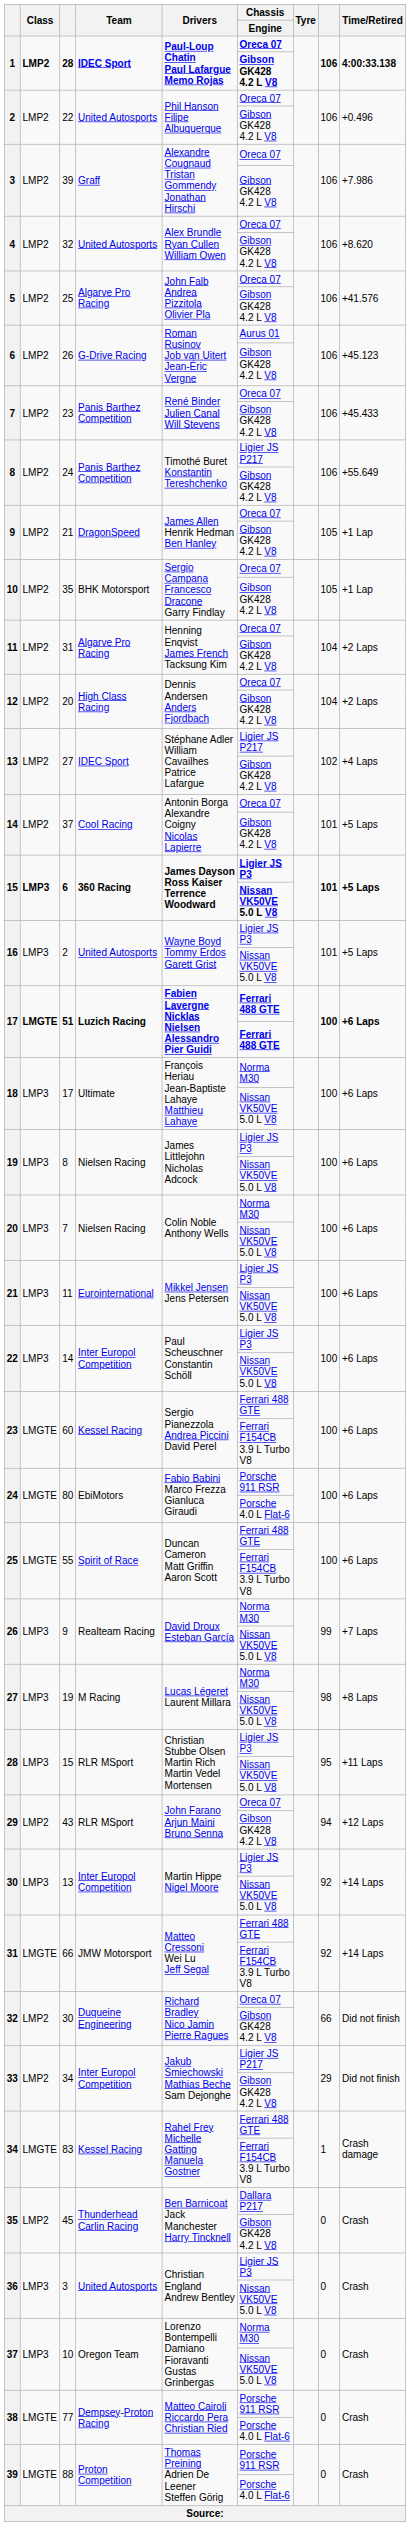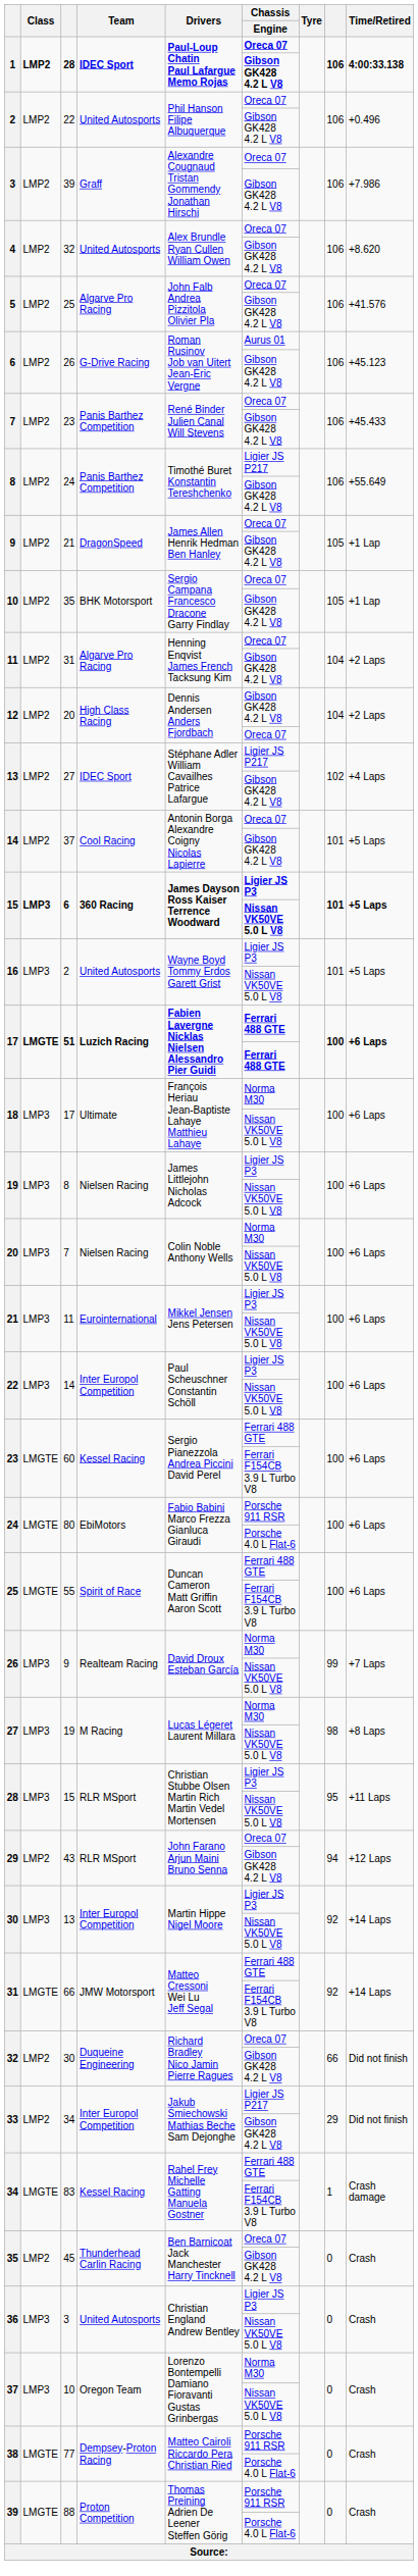 <table class="wikitable" style="font-size:95%;">
 <tr>
 <th rowspan=2></th>
 <th rowspan=2>Class</th>
 <th rowspan=2></th>
 <th rowspan=2>Team</th>
 <th rowspan=2>Drivers</th>
 <th>Chassis</th>
 <th rowspan=2>Tyre</th>
 <th rowspan=2></th>
 <th rowspan=2>Time/Retired</th>
 </tr>
 <tr>
 <th>Engine</th>
 </tr>
 <tr>
 <th rowspan=2>1</th>
 <td rowspan=2><strong>LMP2</strong></td>
 <td rowspan=2><strong>28</strong></td>
 <td rowspan=2><strong> <a href='#'>IDEC Sport</a></strong></td>
 <td rowspan=2><strong> <a href='#'>Paul-Loup Chatin</a><br> <a href='#'>Paul Lafargue</a><br> <a href='#'>Memo Rojas</a></strong></td>
 <td><strong><a href='#'>Oreca 07</a></strong></td>
 <td rowspan=2></td>
 <td rowspan=2><strong>106</strong></td>
 <td rowspan=2><strong>4:00:33.138</strong></td>
 </tr>
 <tr>
 <td><strong><a href='#'>Gibson</a> GK428 4.2 L <a href='#'>V8</a></strong></td>
 </tr>
 <tr>
 <th rowspan=2>2</th>
 <td rowspan=2>LMP2</td>
 <td rowspan=2>22</td>
 <td rowspan=2> <a href='#'>United Autosports</a></td>
 <td rowspan=2> <a href='#'>Phil Hanson</a><br> <a href='#'>Filipe Albuquerque</a></td>
 <td><a href='#'>Oreca 07</a></td>
 <td rowspan=2></td>
 <td rowspan=2>106</td>
 <td rowspan=2>+0.496</td>
 </tr>
 <tr>
 <td><a href='#'>Gibson</a> GK428 4.2 L <a href='#'>V8</a></td>
 </tr>
 <tr>
 <th rowspan=2>3</th>
 <td rowspan=2>LMP2</td>
 <td rowspan=2>39</td>
 <td rowspan=2> <a href='#'>Graff</a></td>
 <td rowspan=2> <a href='#'>Alexandre Cougnaud</a><br> <a href='#'>Tristan Gommendy</a><br> <a href='#'>Jonathan Hirschi</a></td>
 <td><a href='#'>Oreca 07</a></td>
 <td rowspan=2></td>
 <td rowspan=2>106</td>
 <td rowspan=2>+7.986</td>
 </tr>
 <tr>
 <td><a href='#'>Gibson</a> GK428 4.2 L <a href='#'>V8</a></td>
 </tr>
 <tr>
 <th rowspan=2>4</th>
 <td rowspan=2>LMP2</td>
 <td rowspan=2>32</td>
 <td rowspan=2> <a href='#'>United Autosports</a></td>
 <td rowspan=2> <a href='#'>Alex Brundle</a><br> <a href='#'>Ryan Cullen</a><br> <a href='#'>William Owen</a></td>
 <td><a href='#'>Oreca 07</a></td>
 <td rowspan=2></td>
 <td rowspan=2>106</td>
 <td rowspan=2>+8.620</td>
 </tr>
 <tr>
 <td><a href='#'>Gibson</a> GK428 4.2 L <a href='#'>V8</a></td>
 </tr>
 <tr>
 <th rowspan=2>5</th>
 <td rowspan=2>LMP2</td>
 <td rowspan=2>25</td>
 <td rowspan=2> <a href='#'>Algarve Pro Racing</a></td>
 <td rowspan=2> <a href='#'>John Falb</a><br> <a href='#'>Andrea Pizzitola</a><br> <a href='#'>Olivier Pla</a></td>
 <td><a href='#'>Oreca 07</a></td>
 <td rowspan=2></td>
 <td rowspan=2>106</td>
 <td rowspan=2>+41.576</td>
 </tr>
 <tr>
 <td><a href='#'>Gibson</a> GK428 4.2 L <a href='#'>V8</a></td>
 </tr>
 <tr>
 <th rowspan=2>6</th>
 <td rowspan=2>LMP2</td>
 <td rowspan=2>26</td>
 <td rowspan=2> <a href='#'>G-Drive Racing</a></td>
 <td rowspan=2> <a href='#'>Roman Rusinov</a><br> <a href='#'>Job van Uitert</a><br> <a href='#'>Jean-Éric Vergne</a></td>
 <td><a href='#'>Aurus 01</a></td>
 <td rowspan=2></td>
 <td rowspan=2>106</td>
 <td rowspan=2>+45.123</td>
 </tr>
 <tr>
 <td><a href='#'>Gibson</a> GK428 4.2 L <a href='#'>V8</a></td>
 </tr>
 <tr>
 <th rowspan=2>7</th>
 <td rowspan=2>LMP2</td>
 <td rowspan=2>23</td>
 <td rowspan=2> <a href='#'>Panis Barthez Competition</a></td>
 <td rowspan=2> <a href='#'>René Binder</a><br> <a href='#'>Julien Canal</a><br> <a href='#'>Will Stevens</a></td>
 <td><a href='#'>Oreca 07</a></td>
 <td rowspan=2></td>
 <td rowspan=2>106</td>
 <td rowspan=2>+45.433</td>
 </tr>
 <tr>
 <td><a href='#'>Gibson</a> GK428 4.2 L <a href='#'>V8</a></td>
 </tr>
 <tr>
 <th rowspan=2>8</th>
 <td rowspan=2>LMP2</td>
 <td rowspan=2>24</td>
 <td rowspan=2> <a href='#'>Panis Barthez Competition</a></td>
 <td rowspan=2> Timothé Buret<br> <a href='#'>Konstantin Tereshchenko</a></td>
 <td><a href='#'>Ligier JS P217</a></td>
 <td rowspan=2></td>
 <td rowspan=2>106</td>
 <td rowspan=2>+55.649</td>
 </tr>
 <tr>
 <td><a href='#'>Gibson</a> GK428 4.2 L <a href='#'>V8</a></td>
 </tr>
 <tr>
 <th rowspan=2>9</th>
 <td rowspan=2>LMP2</td>
 <td rowspan=2>21</td>
 <td rowspan=2> <a href='#'>DragonSpeed</a></td>
 <td rowspan=2> <a href='#'>James Allen</a><br> Henrik Hedman<br> <a href='#'>Ben Hanley</a></td>
 <td><a href='#'>Oreca 07</a></td>
 <td rowspan=2></td>
 <td rowspan=2>105</td>
 <td rowspan=2>+1 Lap</td>
 </tr>
 <tr>
 <td><a href='#'>Gibson</a> GK428 4.2 L <a href='#'>V8</a></td>
 </tr>
 <tr>
 <th rowspan=2>10</th>
 <td rowspan=2>LMP2</td>
 <td rowspan=2>35</td>
 <td rowspan=2> BHK Motorsport</td>
 <td rowspan=2> <a href='#'>Sergio Campana</a><br> <a href='#'>Francesco Dracone</a><br> Garry Findlay</td>
 <td><a href='#'>Oreca 07</a></td>
 <td rowspan=2></td>
 <td rowspan=2>105</td>
 <td rowspan=2>+1 Lap</td>
 </tr>
 <tr>
 <td><a href='#'>Gibson</a> GK428 4.2 L <a href='#'>V8</a></td>
 </tr>
 <tr>
 <th rowspan=2>11</th>
 <td rowspan=2>LMP2</td>
 <td rowspan=2>31</td>
 <td rowspan=2> <a href='#'>Algarve Pro Racing</a></td>
 <td rowspan=2> Henning Enqvist<br> <a href='#'>James French</a><br> Tacksung Kim</td>
 <td><a href='#'>Oreca 07</a></td>
 <td rowspan=2></td>
 <td rowspan=2>104</td>
 <td rowspan=2>+2 Laps</td>
 </tr>
 <tr>
 <td><a href='#'>Gibson</a> GK428 4.2 L <a href='#'>V8</a></td>
 </tr>
 <tr>
 <th rowspan=2>12</th>
 <td rowspan=2>LMP2</td>
 <td rowspan=2>20</td>
 <td rowspan=2> <a href='#'>High Class Racing</a></td>
 <td rowspan=2> Dennis Andersen<br> <a href='#'>Anders Fjordbach</a></td>
-<td><a href='#'>Oreca 07</a></td>
+<td><a href='#'>Gibson</a> GK428 4.2 L <a href='#'>V8</a></td>
 <td rowspan=2></td>
 <td rowspan=2>104</td>
 <td rowspan=2>+2 Laps</td>
 </tr>
 <tr>
-<td><a href='#'>Gibson</a> GK428 4.2 L <a href='#'>V8</a></td>
+<td><a href='#'>Oreca 07</a></td>
 </tr>
 <tr>
 <th rowspan=2>13</th>
 <td rowspan=2>LMP2</td>
 <td rowspan=2>27</td>
 <td rowspan=2> <a href='#'>IDEC Sport</a></td>
 <td rowspan=2> Stéphane Adler<br> William Cavailhes<br> Patrice Lafargue</td>
 <td><a href='#'>Ligier JS P217</a></td>
 <td rowspan=2></td>
 <td rowspan=2>102</td>
 <td rowspan=2>+4 Laps</td>
 </tr>
 <tr>
 <td><a href='#'>Gibson</a> GK428 4.2 L <a href='#'>V8</a></td>
 </tr>
 <tr>
 <th rowspan=2>14</th>
 <td rowspan=2>LMP2</td>
 <td rowspan=2>37</td>
 <td rowspan=2> <a href='#'>Cool Racing</a></td>
 <td rowspan=2> Antonin Borga<br> Alexandre Coigny<br> <a href='#'>Nicolas Lapierre</a></td>
 <td><a href='#'>Oreca 07</a></td>
 <td rowspan=2></td>
 <td rowspan=2>101</td>
 <td rowspan=2>+5 Laps</td>
 </tr>
 <tr>
 <td><a href='#'>Gibson</a> GK428 4.2 L <a href='#'>V8</a></td>
 </tr>
 <tr>
 <th rowspan=2>15</th>
 <td rowspan=2><strong>LMP3</strong></td>
 <td rowspan=2><strong>6</strong></td>
 <td rowspan=2><strong> 360 Racing</strong></td>
 <td rowspan=2><strong> James Dayson<br> Ross Kaiser<br> Terrence Woodward</strong></td>
 <td><strong><a href='#'>Ligier JS P3</a></strong></td>
 <td rowspan=2></td>
 <td rowspan=2><strong>101</strong></td>
 <td rowspan=2><strong>+5 Laps</strong></td>
 </tr>
 <tr>
 <td><strong><a href='#'>Nissan</a> <a href='#'>VK50VE</a> 5.0 L <a href='#'>V8</a></strong></td>
 </tr>
 <tr>
 <th rowspan=2>16</th>
 <td rowspan=2>LMP3</td>
 <td rowspan=2>2</td>
 <td rowspan=2> <a href='#'>United Autosports</a></td>
 <td rowspan=2> <a href='#'>Wayne Boyd</a><br> <a href='#'>Tommy Erdos</a><br> <a href='#'>Garett Grist</a></td>
 <td><a href='#'>Ligier JS P3</a></td>
 <td rowspan=2></td>
 <td rowspan=2>101</td>
 <td rowspan=2>+5 Laps</td>
 </tr>
 <tr>
 <td><a href='#'>Nissan</a> <a href='#'>VK50VE</a> 5.0 L <a href='#'>V8</a></td>
 </tr>
 <tr>
 <th rowspan=2>17</th>
 <td rowspan=2><strong>LMGTE</strong></td>
 <td rowspan=2><strong>51</strong></td>
 <td rowspan=2><strong> Luzich Racing</strong></td>
 <td rowspan=2><strong> <a href='#'>Fabien Lavergne</a><br> <a href='#'>Nicklas Nielsen</a><br> <a href='#'>Alessandro Pier Guidi</a></strong></td>
 <td><strong><a href='#'>Ferrari 488 GTE</a></strong></td>
 <td rowspan=2></td>
 <td rowspan=2><strong>100</strong></td>
 <td rowspan=2><strong>+6 Laps</strong></td>
 </tr>
 <tr>
 <td><strong><a href='#'>Ferrari 488 GTE</a></strong></td>
 </tr>
 <tr>
 <th rowspan=2>18</th>
 <td rowspan=2>LMP3</td>
 <td rowspan=2>17</td>
 <td rowspan=2> Ultimate</td>
 <td rowspan=2> François Heriau<br> Jean-Baptiste Lahaye<br> <a href='#'>Matthieu Lahaye</a></td>
 <td><a href='#'>Norma M30</a></td>
 <td rowspan=2></td>
 <td rowspan=2>100</td>
 <td rowspan=2>+6 Laps</td>
 </tr>
 <tr>
 <td><a href='#'>Nissan</a> <a href='#'>VK50VE</a> 5.0 L <a href='#'>V8</a></td>
 </tr>
 <tr>
 <th rowspan=2>19</th>
 <td rowspan=2>LMP3</td>
 <td rowspan=2>8</td>
 <td rowspan=2> Nielsen Racing</td>
 <td rowspan=2> James Littlejohn<br> Nicholas Adcock</td>
 <td><a href='#'>Ligier JS P3</a></td>
 <td rowspan=2></td>
 <td rowspan=2>100</td>
 <td rowspan=2>+6 Laps</td>
 </tr>
 <tr>
 <td><a href='#'>Nissan</a> <a href='#'>VK50VE</a> 5.0 L <a href='#'>V8</a></td>
 </tr>
 <tr>
 <th rowspan=2>20</th>
 <td rowspan=2>LMP3</td>
 <td rowspan=2>7</td>
 <td rowspan=2> Nielsen Racing</td>
 <td rowspan=2> Colin Noble<br> Anthony Wells</td>
 <td><a href='#'>Norma M30</a></td>
 <td rowspan=2></td>
 <td rowspan=2>100</td>
 <td rowspan=2>+6 Laps</td>
 </tr>
 <tr>
 <td><a href='#'>Nissan</a> <a href='#'>VK50VE</a> 5.0 L <a href='#'>V8</a></td>
 </tr>
 <tr>
 <th rowspan=2>21</th>
 <td rowspan=2>LMP3</td>
 <td rowspan=2>11</td>
 <td rowspan=2> <a href='#'>Eurointernational</a></td>
 <td rowspan=2 nowrap> <a href='#'>Mikkel Jensen</a><br> Jens Petersen</td>
 <td><a href='#'>Ligier JS P3</a></td>
 <td rowspan=2></td>
 <td rowspan=2>100</td>
 <td rowspan=2>+6 Laps</td>
 </tr>
 <tr>
 <td><a href='#'>Nissan</a> <a href='#'>VK50VE</a> 5.0 L <a href='#'>V8</a></td>
 </tr>
 <tr>
 <th rowspan=2>22</th>
 <td rowspan=2>LMP3</td>
 <td rowspan=2>14</td>
 <td rowspan=2> <a href='#'>Inter Europol Competition</a></td>
 <td rowspan=2> Paul Scheuschner<br> Constantin Schöll</td>
 <td><a href='#'>Ligier JS P3</a></td>
 <td rowspan=2></td>
 <td rowspan=2>100</td>
 <td rowspan=2>+6 Laps</td>
 </tr>
 <tr>
 <td><a href='#'>Nissan</a> <a href='#'>VK50VE</a> 5.0 L <a href='#'>V8</a></td>
 </tr>
 <tr>
 <th rowspan=2>23</th>
 <td rowspan=2>LMGTE</td>
 <td rowspan=2>60</td>
 <td rowspan=2> <a href='#'>Kessel Racing</a></td>
 <td rowspan=2> Sergio Pianezzola<br> <a href='#'>Andrea Piccini</a><br> David Perel</td>
 <td><a href='#'>Ferrari 488 GTE</a></td>
 <td rowspan=2></td>
 <td rowspan=2>100</td>
 <td rowspan=2>+6 Laps</td>
 </tr>
 <tr>
 <td><a href='#'>Ferrari F154CB</a> 3.9 L Turbo V8</td>
 </tr>
 <tr>
 <th rowspan=2>24</th>
 <td rowspan=2>LMGTE</td>
 <td rowspan=2>80</td>
 <td rowspan=2> EbiMotors</td>
 <td rowspan=2> <a href='#'>Fabio Babini</a><br> Marco Frezza<br> Gianluca Giraudi</td>
 <td><a href='#'>Porsche 911 RSR</a></td>
 <td rowspan=2></td>
 <td rowspan=2>100</td>
 <td rowspan=2>+6 Laps</td>
 </tr>
 <tr>
 <td><a href='#'>Porsche</a> 4.0 L <a href='#'>Flat-6</a></td>
 </tr>
 <tr>
 <th rowspan=2>25</th>
 <td rowspan=2>LMGTE</td>
 <td rowspan=2>55</td>
 <td rowspan=2> <a href='#'>Spirit of Race</a></td>
 <td rowspan=2> Duncan Cameron<br> Matt Griffin<br> Aaron Scott</td>
 <td><a href='#'>Ferrari 488 GTE</a></td>
 <td rowspan=2></td>
 <td rowspan=2>100</td>
 <td rowspan=2>+6 Laps</td>
 </tr>
 <tr>
 <td><a href='#'>Ferrari F154CB</a> 3.9 L Turbo V8</td>
 </tr>
 <tr>
 <th rowspan=2>26</th>
 <td rowspan=2>LMP3</td>
 <td rowspan=2>9</td>
 <td rowspan=2> Realteam Racing</td>
 <td rowspan=2> <a href='#'>David Droux</a><br> <a href='#'>Esteban García</a></td>
 <td><a href='#'>Norma M30</a></td>
 <td rowspan=2></td>
 <td rowspan=2>99</td>
 <td rowspan=2>+7 Laps</td>
 </tr>
 <tr>
 <td><a href='#'>Nissan</a> <a href='#'>VK50VE</a> 5.0 L <a href='#'>V8</a></td>
 </tr>
 <tr>
 <th rowspan=2>27</th>
 <td rowspan=2>LMP3</td>
 <td rowspan=2>19</td>
 <td rowspan=2> M Racing</td>
 <td rowspan=2> <a href='#'>Lucas Légeret</a><br> Laurent Millara</td>
 <td><a href='#'>Norma M30</a></td>
 <td rowspan=2></td>
 <td rowspan=2>98</td>
 <td rowspan=2>+8 Laps</td>
 </tr>
 <tr>
 <td><a href='#'>Nissan</a> <a href='#'>VK50VE</a> 5.0 L <a href='#'>V8</a></td>
 </tr>
 <tr>
 <th rowspan=2>28</th>
 <td rowspan=2>LMP3</td>
 <td rowspan=2>15</td>
 <td rowspan=2> RLR MSport</td>
 <td rowspan=2> Christian Stubbe Olsen<br> Martin Rich<br> Martin Vedel Mortensen</td>
 <td><a href='#'>Ligier JS P3</a></td>
 <td rowspan=2></td>
 <td rowspan=2>95</td>
 <td rowspan=2>+11 Laps</td>
 </tr>
 <tr>
 <td><a href='#'>Nissan</a> <a href='#'>VK50VE</a> 5.0 L <a href='#'>V8</a></td>
 </tr>
 <tr>
 <th rowspan=2>29</th>
 <td rowspan=2>LMP2</td>
 <td rowspan=2>43</td>
 <td rowspan=2> RLR MSport</td>
 <td rowspan=2> <a href='#'>John Farano</a><br> <a href='#'>Arjun Maini</a><br> <a href='#'>Bruno Senna</a></td>
 <td><a href='#'>Oreca 07</a></td>
 <td rowspan=2></td>
 <td rowspan=2>94</td>
 <td rowspan=2>+12 Laps</td>
 </tr>
 <tr>
 <td><a href='#'>Gibson</a> GK428 4.2 L <a href='#'>V8</a></td>
 </tr>
 <tr>
 <th rowspan=2>30</th>
 <td rowspan=2>LMP3</td>
 <td rowspan=2>13</td>
 <td rowspan=2> <a href='#'>Inter Europol Competition</a></td>
 <td rowspan=2> Martin Hippe<br> <a href='#'>Nigel Moore</a></td>
 <td><a href='#'>Ligier JS P3</a></td>
 <td rowspan=2></td>
 <td rowspan=2>92</td>
 <td rowspan=2>+14 Laps</td>
 </tr>
 <tr>
 <td><a href='#'>Nissan</a> <a href='#'>VK50VE</a> 5.0 L <a href='#'>V8</a></td>
 </tr>
 <tr>
 <th rowspan="2">31</th>
 <td rowspan="2">LMGTE</td>
 <td rowspan="2">66</td>
 <td rowspan="2"> JMW Motorsport</td>
 <td rowspan="2"> <a href='#'>Matteo Cressoni</a><br> Wei Lu<br> <a href='#'>Jeff Segal</a></td>
 <td><a href='#'>Ferrari 488 GTE</a></td>
 <td rowspan="2"></td>
 <td rowspan="2">92</td>
 <td rowspan="2">+14 Laps</td>
 </tr>
 <tr>
 <td><a href='#'>Ferrari F154CB</a> 3.9 L Turbo V8</td>
 </tr>
 <tr>
 <th rowspan="2">32</th>
 <td rowspan="2">LMP2</td>
 <td rowspan="2">30</td>
 <td rowspan="2"> <a href='#'>Duqueine Engineering</a></td>
 <td rowspan="2"> <a href='#'>Richard Bradley</a><br> <a href='#'>Nico Jamin</a><br> <a href='#'>Pierre Ragues</a></td>
 <td><a href='#'>Oreca 07</a></td>
 <td rowspan="2"></td>
 <td rowspan="2">66</td>
 <td rowspan="2">Did not finish</td>
 </tr>
 <tr>
 <td><a href='#'>Gibson</a> GK428 4.2 L <a href='#'>V8</a></td>
 </tr>
 <tr>
 <th rowspan="2">33</th>
 <td rowspan="2">LMP2</td>
 <td rowspan="2">34</td>
 <td rowspan="2"> <a href='#'>Inter Europol Competition</a></td>
 <td rowspan="2"> <a href='#'>Jakub Śmiechowski</a><br> <a href='#'>Mathias Beche</a><br> Sam Dejonghe</td>
 <td><a href='#'>Ligier JS P217</a></td>
 <td rowspan="2"></td>
 <td rowspan="2">29</td>
 <td rowspan="2">Did not finish</td>
 </tr>
 <tr>
 <td><a href='#'>Gibson</a> GK428 4.2 L <a href='#'>V8</a></td>
 </tr>
 <tr>
 <th rowspan="2">34</th>
 <td rowspan="2">LMGTE</td>
 <td rowspan="2">83</td>
 <td rowspan="2"> <a href='#'>Kessel Racing</a></td>
 <td rowspan="2"> <a href='#'>Rahel Frey</a><br> <a href='#'>Michelle Gatting</a><br> <a href='#'>Manuela Gostner</a></td>
 <td><a href='#'>Ferrari 488 GTE</a></td>
 <td rowspan="2"></td>
 <td rowspan="2">1</td>
 <td rowspan="2">Crash damage</td>
 </tr>
 <tr>
 <td><a href='#'>Ferrari F154CB</a> 3.9 L Turbo V8</td>
 </tr>
 <tr>
 <th rowspan="2">35</th>
 <td rowspan="2">LMP2</td>
 <td rowspan="2">45</td>
 <td rowspan="2"> <a href='#'>Thunderhead Carlin Racing</a></td>
 <td rowspan="2"> <a href='#'>Ben Barnicoat</a><br> Jack Manchester<br> <a href='#'>Harry Tincknell</a></td>
-<td><a href='#'>Dallara P217</a></td>
+<td><a href='#'>Oreca 07</a></td>
 <td rowspan="2"></td>
 <td rowspan="2">0</td>
 <td rowspan="2">Crash</td>
 </tr>
 <tr>
 <td><a href='#'>Gibson</a> GK428 4.2 L <a href='#'>V8</a></td>
 </tr>
 <tr>
 <th rowspan="2">36</th>
 <td rowspan="2">LMP3</td>
 <td rowspan="2">3</td>
 <td rowspan="2"> <a href='#'>United Autosports</a></td>
 <td rowspan="2"> Christian England<br> Andrew Bentley</td>
 <td><a href='#'>Ligier JS P3</a></td>
 <td rowspan="2"></td>
 <td rowspan="2">0</td>
 <td rowspan="2">Crash</td>
 </tr>
 <tr>
 <td><a href='#'>Nissan</a> <a href='#'>VK50VE</a> 5.0 L <a href='#'>V8</a></td>
 </tr>
 <tr>
 <th rowspan="2">37</th>
 <td rowspan="2">LMP3</td>
 <td rowspan="2">10</td>
 <td rowspan="2"> Oregon Team</td>
 <td rowspan="2"> Lorenzo Bontempelli<br> Damiano Fioravanti<br> Gustas Grinbergas</td>
 <td><a href='#'>Norma M30</a></td>
 <td rowspan="2"></td>
 <td rowspan="2">0</td>
 <td rowspan="2">Crash</td>
 </tr>
 <tr>
 <td><a href='#'>Nissan</a> <a href='#'>VK50VE</a> 5.0 L <a href='#'>V8</a></td>
 </tr>
 <tr>
 <th rowspan="2">38</th>
 <td rowspan="2">LMGTE</td>
 <td rowspan="2">77</td>
 <td rowspan="2"> <a href='#'>Dempsey</a>-<a href='#'>Proton Racing</a></td>
 <td rowspan="2"> <a href='#'>Matteo Cairoli</a><br> <a href='#'>Riccardo Pera</a><br> <a href='#'>Christian Ried</a></td>
 <td><a href='#'>Porsche 911 RSR</a></td>
 <td rowspan="2"></td>
 <td rowspan="2">0</td>
 <td rowspan="2">Crash</td>
 </tr>
 <tr>
 <td><a href='#'>Porsche</a> 4.0 L <a href='#'>Flat-6</a></td>
 </tr>
 <tr>
 <th rowspan="2">39</th>
 <td rowspan="2">LMGTE</td>
 <td rowspan="2">88</td>
 <td rowspan="2"> <a href='#'>Proton Competition</a></td>
 <td rowspan="2"> <a href='#'>Thomas Preining</a><br> Adrien De Leener<br> Steffen Görig</td>
 <td><a href='#'>Porsche 911 RSR</a></td>
 <td rowspan="2"></td>
 <td rowspan="2">0</td>
 <td rowspan="2">Crash</td>
 </tr>
 <tr>
 <td><a href='#'>Porsche</a> 4.0 L <a href='#'>Flat-6</a></td>
 </tr>
 <tr>
 <th colspan="9">Source:</th>
 </tr>
 </table>
